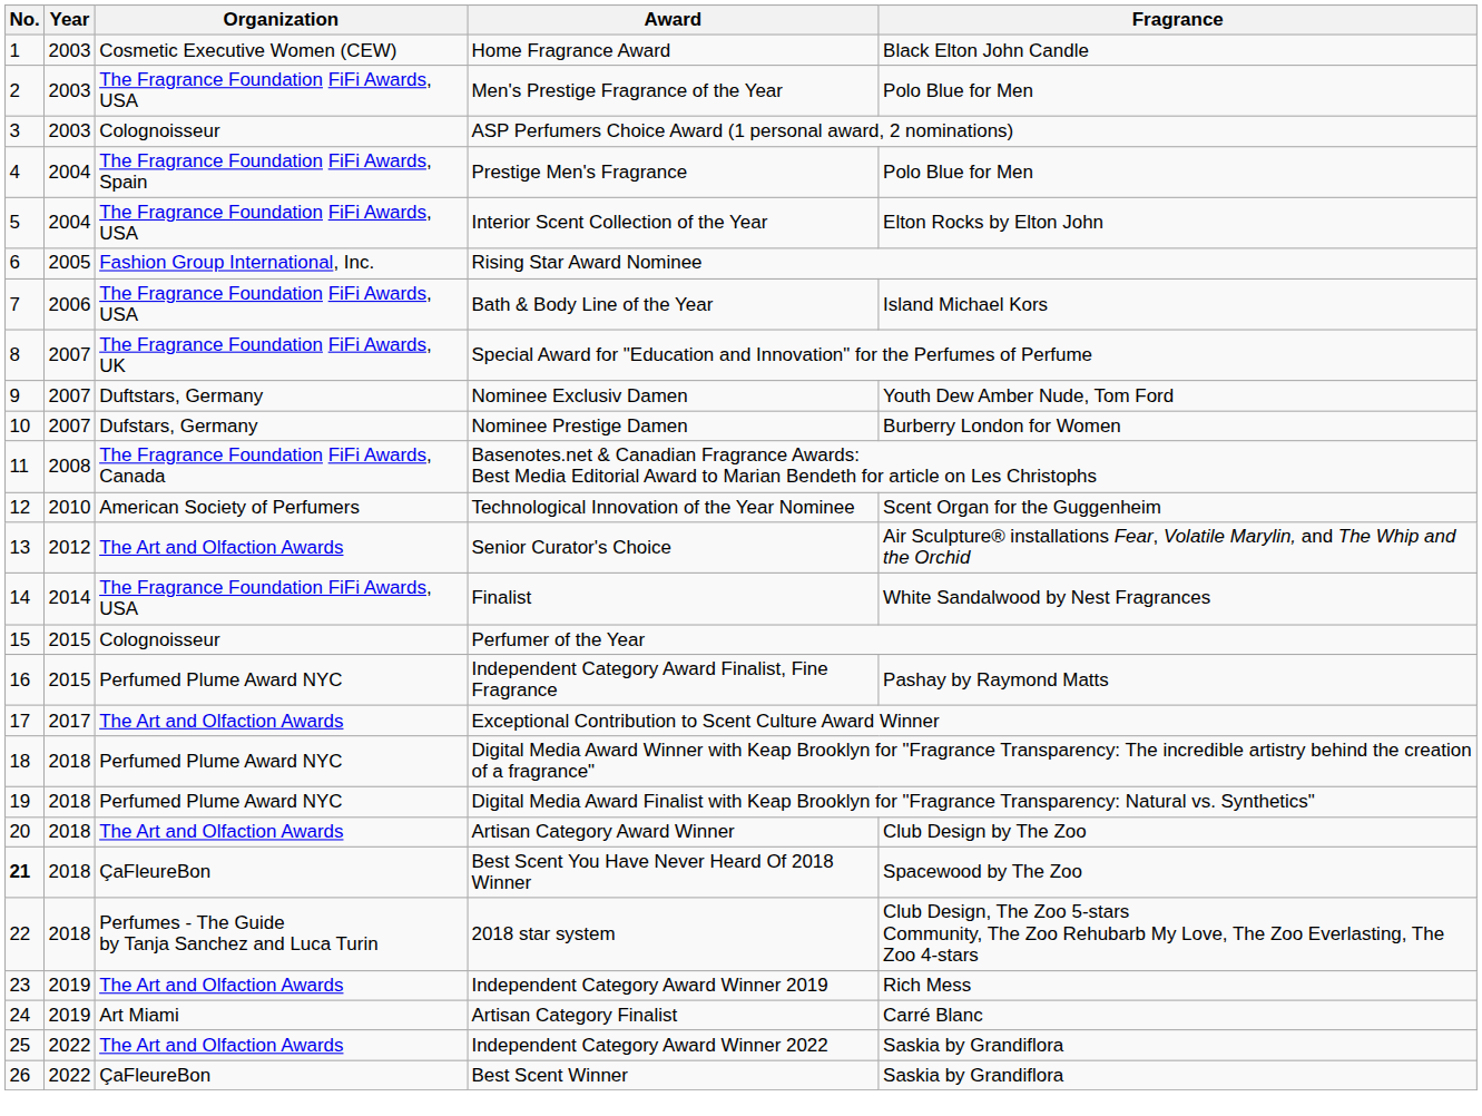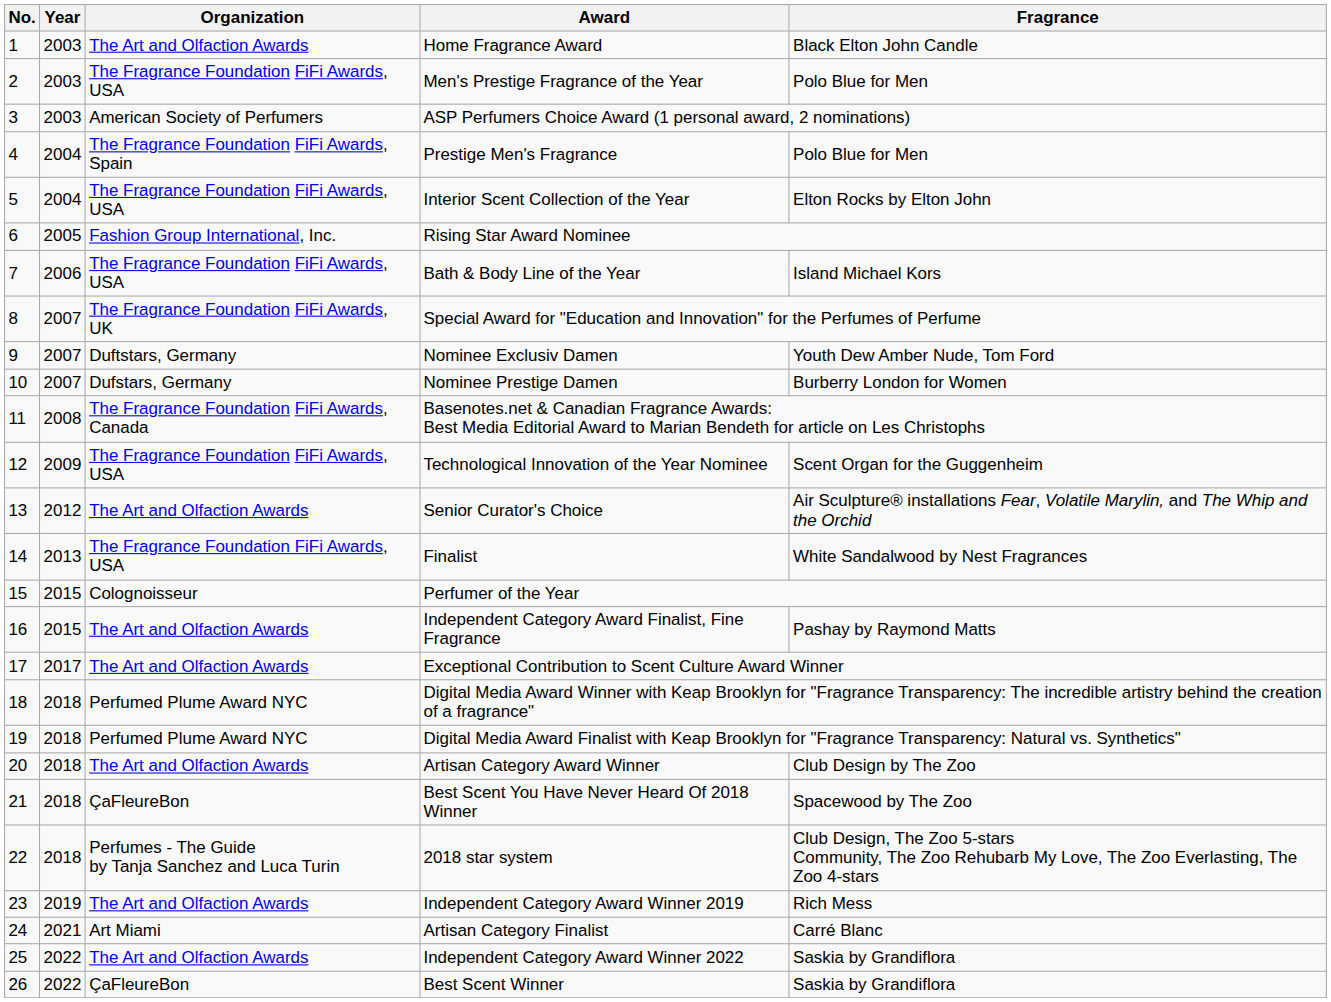 <table class="wikitable sortable mw-collapsible">
 <tr>
 <th>No.</th>
 <th>Year</th>
 <th>Organization</th>
 <th>Award</th>
 <th>Fragrance</th>
 </tr>
 <tr>
 <td>1</td>
 <td>2003</td>
-<td>Cosmetic Executive Women (CEW)</td>
+<td><a href='#'>The Art and Olfaction Awards</a></td>
 <td>Home Fragrance Award</td>
 <td>Black Elton John Candle</td>
 </tr>
 <tr>
 <td>2</td>
 <td>2003</td>
 <td><a href='#'>The Fragrance Foundation</a> <a href='#'>FiFi Awards</a>, USA</td>
 <td>Men's Prestige Fragrance of the Year</td>
 <td>Polo Blue for Men</td>
 </tr>
 <tr>
 <td>3</td>
 <td>2003</td>
-<td>Colognoisseur</td>
+<td>American Society of Perfumers</td>
 <td colspan="2">ASP Perfumers Choice Award (1 personal award, 2 nominations)</td>
 </tr>
 <tr>
 <td>4</td>
 <td>2004</td>
 <td><a href='#'>The Fragrance Foundation</a> <a href='#'>FiFi Awards</a>, Spain</td>
 <td>Prestige Men's Fragrance</td>
 <td>Polo Blue for Men</td>
 </tr>
 <tr>
 <td>5</td>
 <td>2004</td>
 <td><a href='#'>The Fragrance Foundation</a> <a href='#'>FiFi Awards</a>, USA</td>
 <td>Interior Scent Collection of the Year</td>
 <td>Elton Rocks by Elton John</td>
 </tr>
 <tr>
 <td>6</td>
 <td>2005</td>
 <td><a href='#'>Fashion Group International</a>, Inc.</td>
 <td colspan="2">Rising Star Award Nominee</td>
 </tr>
 <tr>
 <td>7</td>
 <td>2006</td>
 <td><a href='#'>The Fragrance Foundation</a> <a href='#'>FiFi Awards</a>, USA</td>
 <td>Bath & Body Line of the Year</td>
 <td>Island Michael Kors</td>
 </tr>
 <tr>
 <td>8</td>
 <td>2007</td>
 <td><a href='#'>The Fragrance Foundation</a> <a href='#'>FiFi Awards</a>, UK</td>
 <td colspan="2">Special Award for "Education and Innovation" for the Perfumes of Perfume</td>
 </tr>
 <tr>
 <td>9</td>
 <td>2007</td>
 <td>Duftstars, Germany</td>
 <td>Nominee Exclusiv Damen</td>
 <td>Youth Dew Amber Nude, Tom Ford</td>
 </tr>
 <tr>
 <td>10</td>
 <td>2007</td>
 <td>Dufstars, Germany</td>
 <td>Nominee Prestige Damen</td>
 <td>Burberry London for Women</td>
 </tr>
 <tr>
 <td>11</td>
 <td>2008</td>
 <td><a href='#'>The Fragrance Foundation</a> <a href='#'>FiFi Awards</a>, Canada</td>
 <td colspan="2">Basenotes.net & Canadian Fragrance Awards:<br>Best Media Editorial Award to Marian Bendeth for article on Les Christophs</td>
 </tr>
 <tr>
 <td>12</td>
-<td>2010</td>
-<td>American Society of Perfumers</td>
+<td>2009</td>
+<td><a href='#'>The Fragrance Foundation</a> <a href='#'>FiFi Awards</a>, USA</td>
 <td>Technological Innovation of the Year Nominee</td>
 <td>Scent Organ for the Guggenheim</td>
 </tr>
 <tr>
 <td>13</td>
 <td>2012</td>
 <td><a href='#'>The Art and Olfaction Awards</a></td>
 <td>Senior Curator's Choice</td>
 <td>Air Sculpture® installations <em>Fear</em>, <em>Volatile Marylin,</em> and <em>The Whip and the Orchid</em></td>
 </tr>
 <tr>
 <td>14</td>
-<td>2014</td>
+<td>2013</td>
 <td><a href='#'>The Fragrance Foundation FiFi Awards</a>, USA</td>
 <td>Finalist</td>
 <td>White Sandalwood by Nest Fragrances</td>
 </tr>
 <tr>
 <td>15</td>
 <td>2015</td>
 <td>Colognoisseur</td>
 <td colspan="2">Perfumer of the Year</td>
 </tr>
 <tr>
 <td>16</td>
 <td>2015</td>
-<td>Perfumed Plume Award NYC</td>
+<td><a href='#'>The Art and Olfaction Awards</a></td>
 <td>Independent Category Award Finalist, Fine Fragrance</td>
 <td>Pashay by Raymond Matts</td>
 </tr>
 <tr>
 <td>17</td>
 <td>2017</td>
 <td><a href='#'>The Art and Olfaction Awards</a></td>
 <td colspan="2">Exceptional Contribution to Scent Culture Award Winner</td>
 </tr>
 <tr>
 <td>18</td>
 <td>2018</td>
 <td>Perfumed Plume Award NYC</td>
 <td colspan="2">Digital Media Award Winner with Keap Brooklyn for "Fragrance Transparency: The incredible artistry behind the creation of a fragrance"</td>
 </tr>
 <tr>
 <td>19</td>
 <td>2018</td>
 <td>Perfumed Plume Award NYC</td>
 <td colspan="2">Digital Media Award Finalist with Keap Brooklyn for "Fragrance Transparency: Natural vs. Synthetics"</td>
 </tr>
 <tr>
 <td>20</td>
 <td>2018</td>
 <td><a href='#'>The Art and Olfaction Awards</a></td>
 <td>Artisan Category Award Winner</td>
 <td>Club Design by The Zoo</td>
 </tr>
 <tr>
-<td><strong>21</strong></td>
+<td>21</td>
 <td>2018</td>
 <td>ÇaFleureBon</td>
 <td>Best Scent You Have Never Heard Of  2018 Winner</td>
 <td>Spacewood by The Zoo</td>
 </tr>
 <tr>
 <td>22</td>
 <td>2018</td>
 <td>Perfumes - The Guide<br>by Tanja Sanchez and Luca Turin</td>
 <td>2018 star system</td>
 <td>Club Design, The Zoo 5-stars<br>Community, The Zoo Rehubarb My Love, The Zoo Everlasting, The Zoo 4-stars</td>
 </tr>
 <tr>
 <td>23</td>
 <td>2019</td>
 <td><a href='#'>The Art and Olfaction Awards</a></td>
 <td>Independent Category Award Winner 2019</td>
 <td>Rich Mess</td>
 </tr>
 <tr>
 <td>24</td>
-<td>2019</td>
+<td>2021</td>
 <td>Art Miami</td>
 <td>Artisan Category Finalist</td>
 <td>Carré Blanc</td>
 </tr>
 <tr>
 <td>25</td>
 <td>2022</td>
 <td><a href='#'>The Art and Olfaction Awards</a></td>
 <td>Independent Category Award Winner 2022</td>
 <td>Saskia by Grandiflora</td>
 </tr>
 <tr>
 <td>26</td>
 <td>2022</td>
 <td>ÇaFleureBon</td>
 <td>Best Scent Winner</td>
 <td>Saskia by Grandiflora</td>
 </tr>
 </table>
